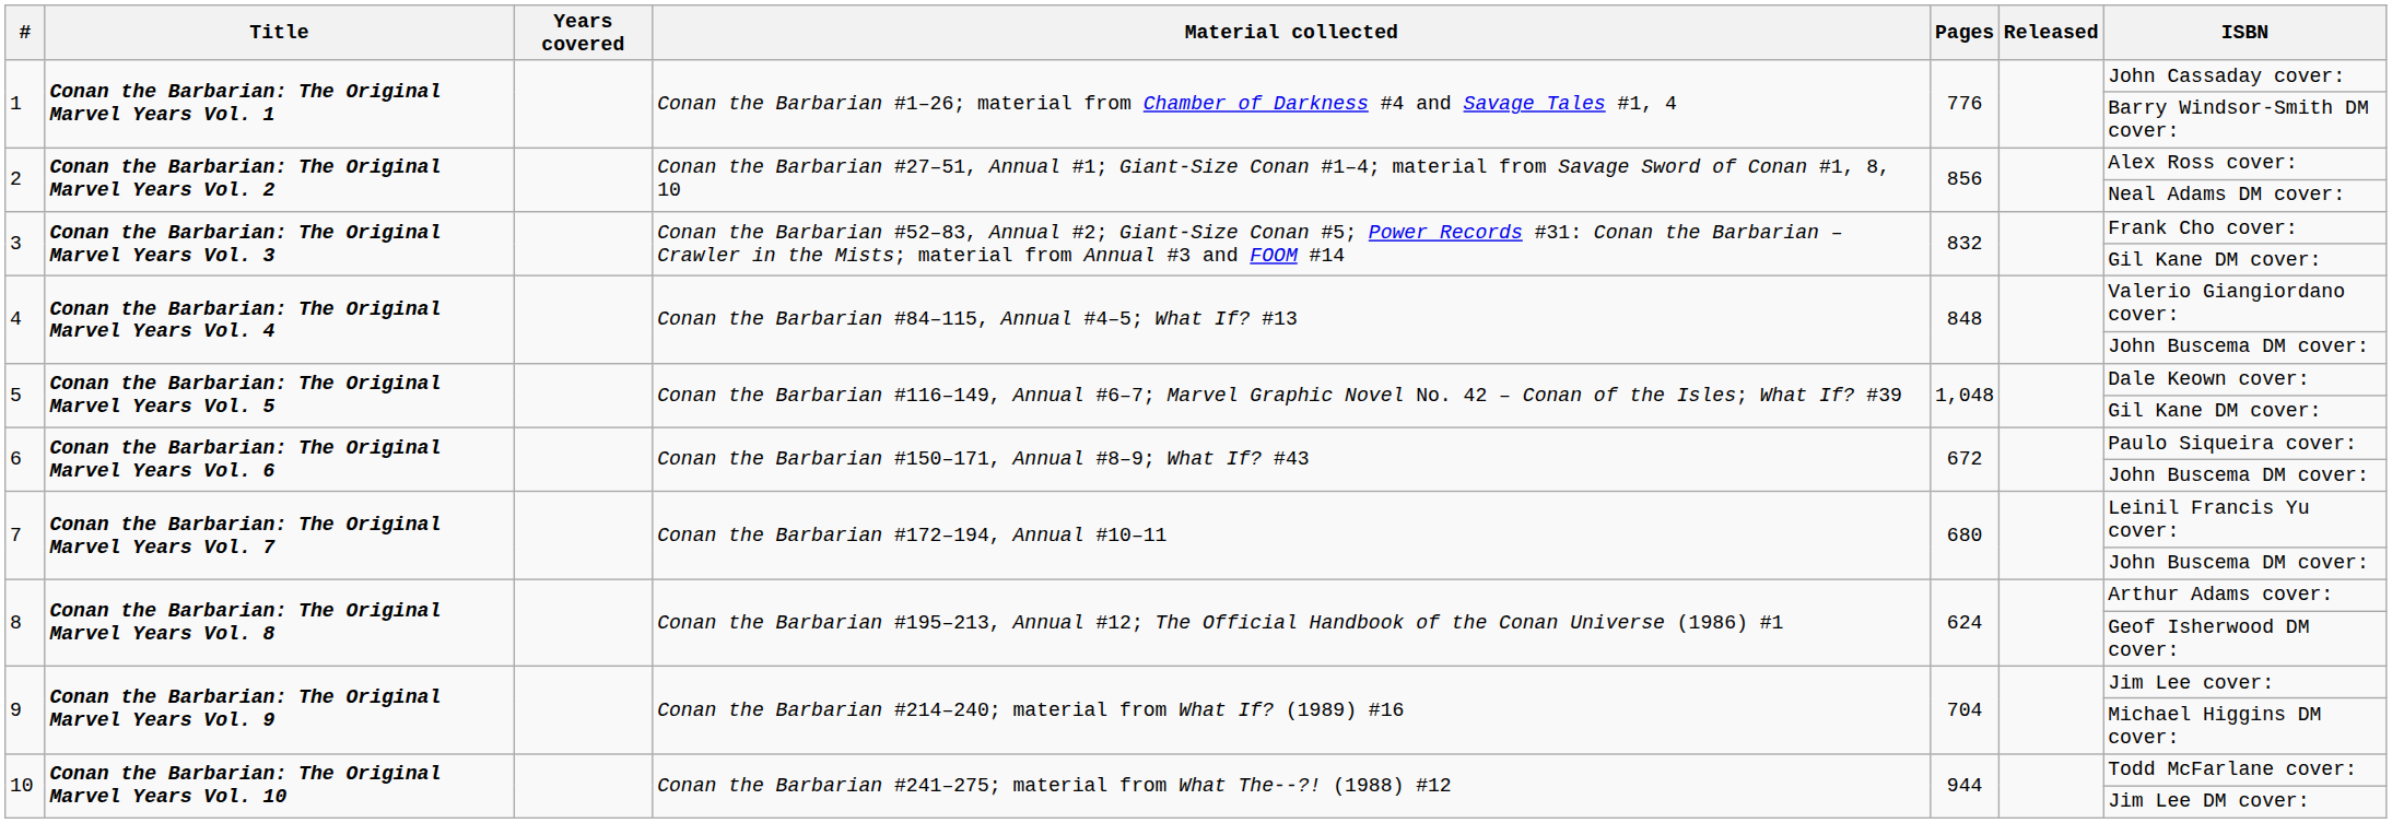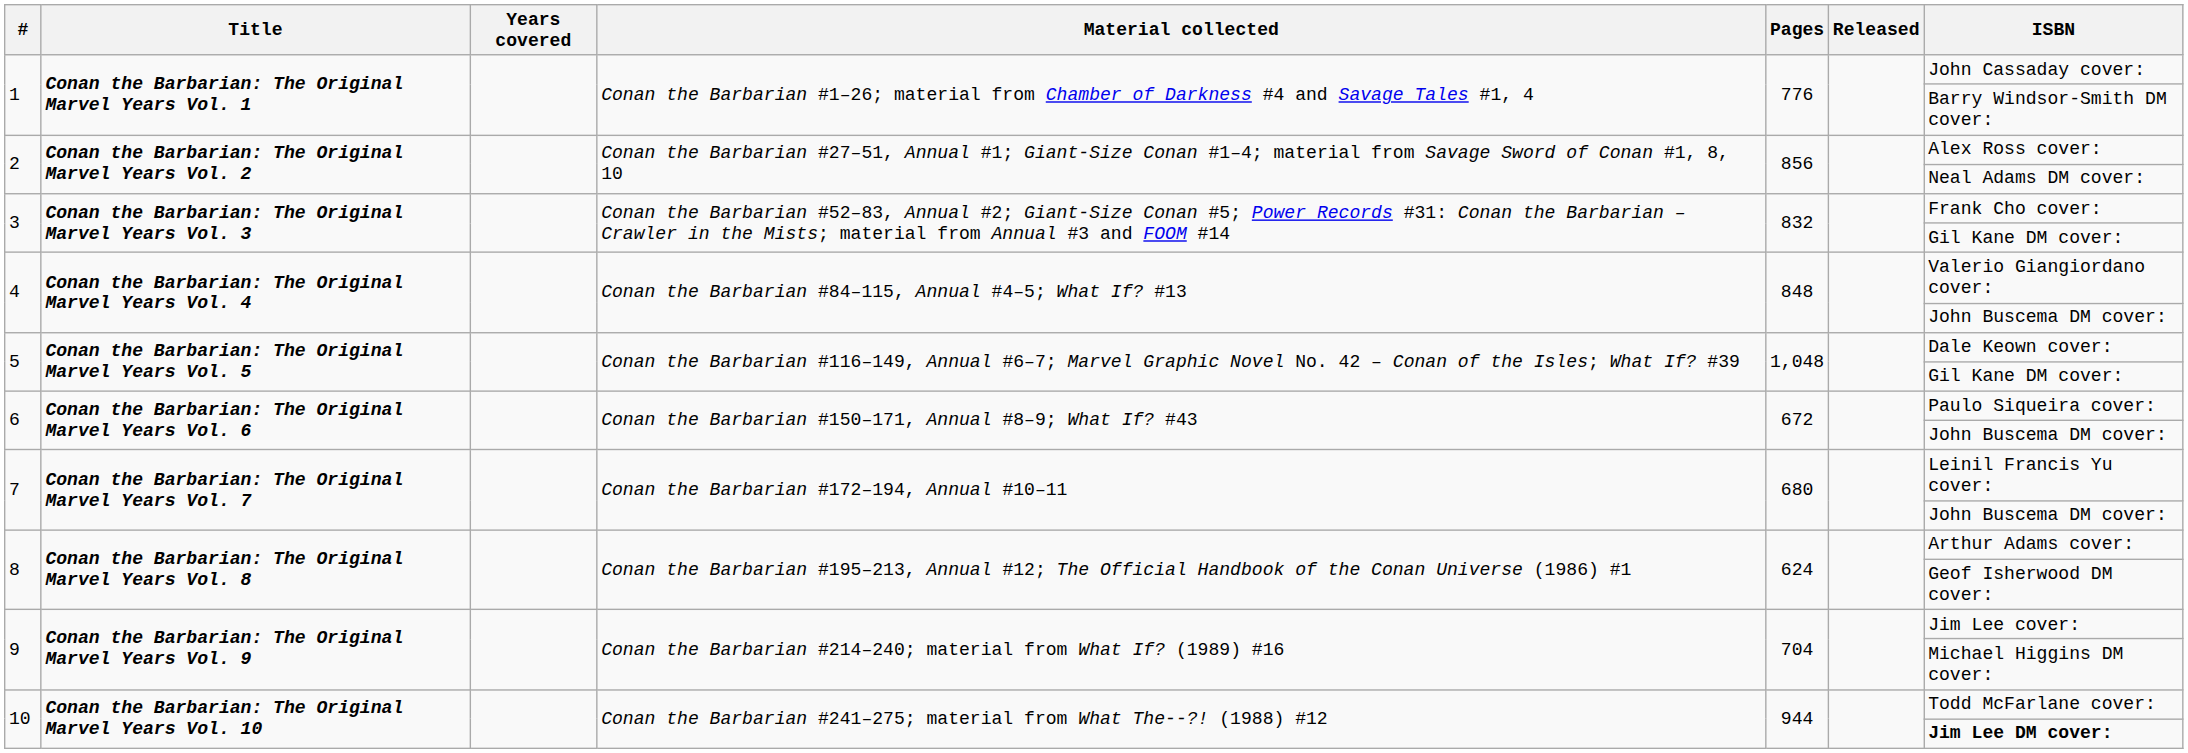 <table class="wikitable sortable" width=99%>
 <tr>
 <th class="unsortable" width=20px>#</th>
 <th>Title</th>
 <th>Years covered</th>
 <th class="unsortable">Material collected</th>
 <th>Pages</th>
 <th>Released</th>
 <th class="unsortable">ISBN</th>
 </tr>
 <tr>
 <td rowspan=2>1</td>
 <td rowspan=2><strong><em>Conan the Barbarian: The Original Marvel Years Vol. 1</em></strong></td>
 <td rowspan=2></td>
 <td rowspan=2><em>Conan the Barbarian</em> #1–26; material from <em><a href='#'>Chamber of Darkness</a></em> #4 and <em><a href='#'>Savage Tales</a></em> #1, 4</td>
 <td style="text-align: center;" rowspan=2>776</td>
 <td rowspan=2></td>
 <td>John Cassaday cover: </td>
 </tr>
 <tr>
 <td>Barry Windsor-Smith DM cover: </td>
 </tr>
 <tr>
 <td rowspan=2>2</td>
 <td rowspan=2><strong><em>Conan the Barbarian: The Original Marvel Years Vol. 2</em></strong></td>
 <td rowspan=2></td>
 <td rowspan=2><em>Conan the Barbarian</em> #27–51, <em>Annual</em> #1; <em>Giant-Size Conan</em> #1–4; material from <em>Savage Sword of Conan</em> #1, 8, 10</td>
 <td style="text-align: center;" rowspan=2>856</td>
 <td rowspan=2></td>
 <td>Alex Ross cover: </td>
 </tr>
 <tr>
 <td>Neal Adams DM cover: </td>
 </tr>
 <tr>
 <td rowspan=2>3</td>
 <td rowspan=2><strong><em>Conan the Barbarian: The Original Marvel Years Vol. 3</em></strong></td>
 <td rowspan=2></td>
 <td rowspan=2><em>Conan the Barbarian</em> #52–83, <em>Annual</em> #2; <em>Giant-Size Conan</em> #5; <em><a href='#'>Power Records</a></em> #31: <em>Conan the Barbarian – Crawler in the Mists</em>; material from <em>Annual</em> #3 and <em><a href='#'>FOOM</a></em> #14</td>
 <td style="text-align: center;" rowspan=2>832</td>
 <td rowspan=2></td>
 <td>Frank Cho cover: </td>
 </tr>
 <tr>
 <td>Gil Kane DM cover: </td>
 </tr>
 <tr>
 <td rowspan=2>4</td>
 <td rowspan=2><strong><em>Conan the Barbarian: The Original Marvel Years Vol. 4</em></strong></td>
 <td rowspan=2></td>
 <td rowspan=2><em>Conan the Barbarian</em> #84–115, <em>Annual</em> #4–5; <em>What If?</em> #13</td>
 <td style="text-align: center;" rowspan=2>848</td>
 <td rowspan=2></td>
 <td>Valerio Giangiordano cover: </td>
 </tr>
 <tr>
 <td>John Buscema DM cover: </td>
 </tr>
 <tr>
 <td rowspan=2>5</td>
 <td rowspan=2><strong><em>Conan the Barbarian: The Original Marvel Years Vol. 5</em></strong></td>
 <td rowspan=2></td>
 <td rowspan=2><em>Conan the Barbarian</em> #116–149, <em>Annual</em> #6–7; <em>Marvel Graphic Novel</em> No. 42 – <em>Conan of the Isles</em>; <em>What If?</em> #39</td>
 <td style="text-align: center;" rowspan=2>1,048</td>
 <td rowspan=2></td>
 <td>Dale Keown cover: </td>
 </tr>
 <tr>
 <td>Gil Kane DM cover: </td>
 </tr>
 <tr>
 <td rowspan=2>6</td>
 <td rowspan=2><strong><em>Conan the Barbarian: The Original Marvel Years Vol. 6</em></strong></td>
 <td rowspan=2></td>
 <td rowspan=2><em>Conan the Barbarian</em> #150–171, <em>Annual</em> #8–9; <em>What If?</em> #43</td>
 <td style="text-align: center;" rowspan=2>672</td>
 <td rowspan=2></td>
 <td>Paulo Siqueira cover: </td>
 </tr>
 <tr>
 <td>John Buscema DM cover: </td>
 </tr>
 <tr>
 <td rowspan=2>7</td>
 <td rowspan=2><strong><em>Conan the Barbarian: The Original Marvel Years Vol. 7</em></strong></td>
 <td rowspan=2></td>
 <td rowspan=2><em>Conan the Barbarian</em> #172–194, <em>Annual</em> #10–11</td>
 <td style="text-align: center;" rowspan=2>680</td>
 <td rowspan=2></td>
 <td>Leinil Francis Yu cover: </td>
 </tr>
 <tr>
 <td>John Buscema DM cover: </td>
 </tr>
 <tr>
 <td rowspan=2>8</td>
 <td rowspan=2><strong><em>Conan the Barbarian: The Original Marvel Years Vol. 8</em></strong></td>
 <td rowspan=2></td>
 <td rowspan=2><em>Conan the Barbarian</em> #195–213, <em>Annual</em> #12; <em>The Official Handbook of the Conan Universe</em> (1986) #1</td>
 <td style="text-align: center;" rowspan=2>624</td>
 <td rowspan=2></td>
 <td>Arthur Adams cover: </td>
 </tr>
 <tr>
 <td>Geof Isherwood DM cover: </td>
 </tr>
 <tr>
 <td rowspan=2>9</td>
 <td rowspan=2><strong><em>Conan the Barbarian: The Original Marvel Years Vol. 9</em></strong></td>
 <td rowspan=2></td>
 <td rowspan=2><em>Conan the Barbarian</em> #214–240; material from <em>What If?</em> (1989) #16</td>
 <td style="text-align: center;" rowspan=2>704</td>
 <td rowspan=2></td>
 <td>Jim Lee cover: </td>
 </tr>
 <tr>
 <td>Michael Higgins DM cover: </td>
 </tr>
 <tr>
 <td rowspan=2>10</td>
 <td rowspan=2><strong><em>Conan the Barbarian: The Original Marvel Years Vol. 10</em></strong></td>
 <td rowspan=2></td>
 <td rowspan=2><em>Conan the Barbarian</em> #241–275; material from <em>What The--?!</em> (1988) #12</td>
 <td style="text-align: center;" rowspan=2>944</td>
 <td rowspan=2></td>
 <td>Todd McFarlane cover: </td>
 </tr>
 <tr>
-<td>Jim Lee DM cover: </td>
+<td><strong>Jim Lee DM cover: </strong></td>
 </tr>
 </table>
